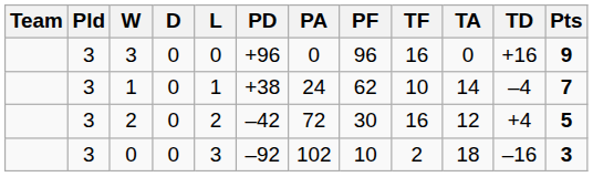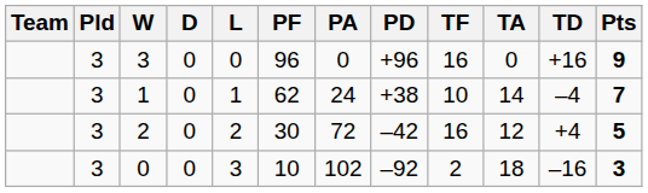 <table class="wikitable" style="text-align:center;">
 <tr>
 <th>Team</th>
 <th width=25>Pld</th>
 <th width=25>W</th>
 <th width=25>D</th>
 <th width=25>L</th>
+<th width=32>PF</th>
+<th width=32>PA</th>
 <th width=32>PD</th>
-<th width=32>PA</th>
-<th width=32>PF</th>
 <th width=32>TF</th>
 <th width=32>TA</th>
 <th width=32>TD</th>
 <th width=25>Pts</th>
 </tr>
 <tr>
 <td align="left"></td>
 <td>3</td>
 <td>3</td>
 <td>0</td>
 <td>0</td>
+<td>96</td>
+<td>0</td>
 <td>+96</td>
-<td>0</td>
-<td>96</td>
 <td>16</td>
 <td>0</td>
 <td>+16</td>
 <td><strong>9</strong></td>
 </tr>
 <tr>
 <td align="left"></td>
 <td>3</td>
 <td>1</td>
 <td>0</td>
 <td>1</td>
+<td>62</td>
+<td>24</td>
 <td>+38</td>
-<td>24</td>
-<td>62</td>
 <td>10</td>
 <td>14</td>
 <td>–4</td>
 <td><strong>7</strong></td>
 </tr>
 <tr>
 <td align="left"></td>
 <td>3</td>
 <td>2</td>
 <td>0</td>
 <td>2</td>
+<td>30</td>
+<td>72</td>
 <td>–42</td>
-<td>72</td>
-<td>30</td>
 <td>16</td>
 <td>12</td>
 <td>+4</td>
 <td><strong>5</strong></td>
 </tr>
 <tr>
 <td align="left"></td>
 <td>3</td>
 <td>0</td>
 <td>0</td>
 <td>3</td>
+<td>10</td>
+<td>102</td>
 <td>–92</td>
-<td>102</td>
-<td>10</td>
 <td>2</td>
 <td>18</td>
 <td>–16</td>
 <td><strong>3</strong></td>
 </tr>
 </table>
